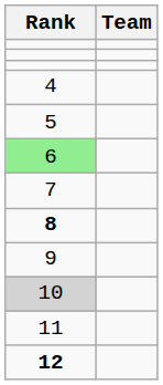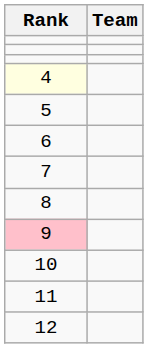 <table class="wikitable" style="text-align: center">
 <tr>
 <th width=50>Rank</th>
 <th>Team</th>
 </tr>
 <tr>
 <td></td>
 <td align=left></td>
 </tr>
 <tr>
 <td></td>
 <td align=left></td>
 </tr>
 <tr>
 <td></td>
 <td align=left></td>
 </tr>
 <tr>
-<td>4</td>
+<td style="background: lightyellow;">4</td>
 <td align=left></td>
 </tr>
 <tr>
 <td>5</td>
 <td align=left></td>
 </tr>
 <tr>
-<td style="background: lightgreen;">6</td>
+<td>6</td>
 <td align=left></td>
 </tr>
 <tr>
 <td>7</td>
 <td align=left></td>
 </tr>
 <tr>
-<td><strong>8</strong></td>
+<td>8</td>
 <td align=left></td>
 </tr>
 <tr>
-<td>9</td>
+<td style="background: pink;">9</td>
 <td align=left></td>
 </tr>
 <tr>
-<td style="background: lightgrey;">10</td>
+<td>10</td>
 <td align=left></td>
 </tr>
 <tr>
 <td>11</td>
 <td align=left></td>
 </tr>
 <tr>
-<td><strong>12</strong></td>
+<td>12</td>
 <td align=left></td>
 </tr>
 </table>
